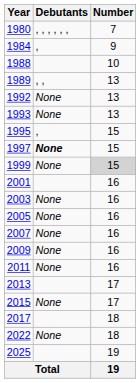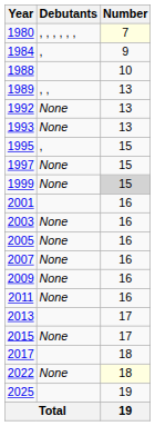 <table class="wikitable" style="text-align:center;">
 <tr>
 <th>Year</th>
 <th>Debutants</th>
 <th>Number</th>
 </tr>
 <tr>
 <td valign=top><a href='#'>1980</a></td>
 <td align=left>, , , , , , </td>
-<td>7</td>
+<td style="background: lightyellow;">7</td>
 </tr>
 <tr>
 <td valign=top><a href='#'>1984</a></td>
 <td align=left>, </td>
 <td>9</td>
 </tr>
 <tr>
 <td valign=top><a href='#'>1988</a></td>
 <td align=left></td>
 <td>10</td>
 </tr>
 <tr>
 <td valign=top><a href='#'>1989</a></td>
 <td align=left>, , </td>
 <td>13</td>
 </tr>
 <tr>
 <td valign=top><a href='#'>1992</a></td>
 <td align=left><em>None</em></td>
 <td>13</td>
 </tr>
 <tr>
 <td valign=top><a href='#'>1993</a></td>
 <td align=left><em>None</em></td>
 <td>13</td>
 </tr>
 <tr>
 <td valign=top><a href='#'>1995</a></td>
 <td align=left>, </td>
 <td>15</td>
 </tr>
 <tr>
 <td valign=top><a href='#'>1997</a></td>
-<td align=left><strong><em>None</em></strong></td>
+<td align=left><em>None</em></td>
 <td>15</td>
 </tr>
 <tr>
 <td valign=top><a href='#'>1999</a></td>
 <td align=left><em>None</em></td>
 <td style="background: lightgrey;">15</td>
 </tr>
 <tr>
 <td valign=top><a href='#'>2001</a></td>
 <td align=left></td>
 <td>16</td>
 </tr>
 <tr>
 <td valign=top><a href='#'>2003</a></td>
 <td align=left><em>None</em></td>
 <td>16</td>
 </tr>
 <tr>
 <td valign=top><a href='#'>2005</a></td>
 <td align=left><em>None</em></td>
 <td>16</td>
 </tr>
 <tr>
 <td valign=top><a href='#'>2007</a></td>
 <td align=left><em>None</em></td>
 <td>16</td>
 </tr>
 <tr>
 <td valign=top><a href='#'>2009</a></td>
 <td align=left><em>None</em></td>
 <td>16</td>
 </tr>
 <tr>
 <td valign=top><a href='#'>2011</a></td>
 <td align=left><em>None</em></td>
 <td>16</td>
 </tr>
 <tr>
 <td valign=top><a href='#'>2013</a></td>
 <td align=left></td>
 <td>17</td>
 </tr>
 <tr>
 <td valign=top><a href='#'>2015</a></td>
 <td align=left><em>None</em></td>
 <td>17</td>
 </tr>
 <tr>
 <td valign=top><a href='#'>2017</a></td>
 <td align=left></td>
 <td>18</td>
 </tr>
 <tr>
 <td valign=top><a href='#'>2022</a></td>
 <td align=left><em>None</em></td>
-<td>18</td>
+<td style="background: lightyellow;">18</td>
 </tr>
 <tr>
 <td valign=top><a href='#'>2025</a></td>
 <td align=left></td>
 <td>19</td>
 </tr>
 <tr>
 <th colspan=2>Total</th>
 <th>19</th>
 </tr>
 </table>
